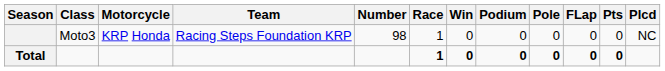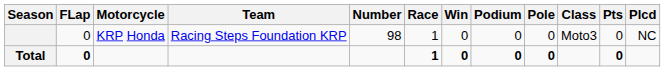 <table class="wikitable">
 <tr>
 <th>Season</th>
-<th>Class</th>
+<th>FLap</th>
 <th>Motorcycle</th>
 <th>Team</th>
 <th>Number</th>
 <th>Race</th>
 <th>Win</th>
 <th>Podium</th>
 <th>Pole</th>
-<th>FLap</th>
+<th>Class</th>
 <th>Pts</th>
 <th>Plcd</th>
 </tr>
 <tr align="right">
 <th></th>
-<td>Moto3</td>
+<td>0</td>
 <td><a href='#'>KRP</a> <a href='#'>Honda</a></td>
 <td><a href='#'>Racing Steps Foundation KRP</a></td>
 <td>98</td>
 <td>1</td>
 <td>0</td>
 <td>0</td>
 <td>0</td>
-<td>0</td>
+<td>Moto3</td>
 <td>0</td>
 <td>NC</td>
 </tr>
 <tr align="right">
 <th>Total</th>
-<td></td>
+<td><strong>0</strong></td>
 <td></td>
 <td></td>
 <td></td>
 <td><strong>1</strong></td>
 <td><strong>0</strong></td>
 <td><strong>0</strong></td>
 <td><strong>0</strong></td>
-<td><strong>0</strong></td>
+<td></td>
 <td><strong>0</strong></td>
 <td></td>
 </tr>
 </table>
